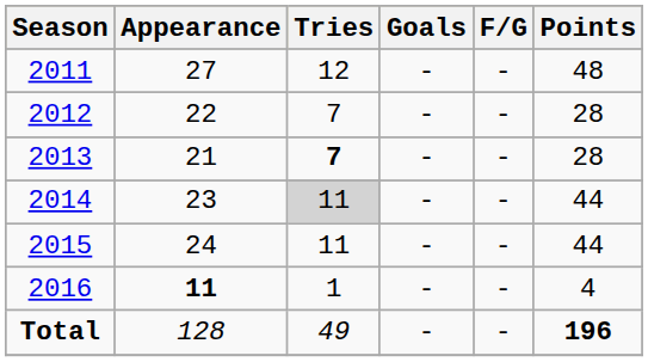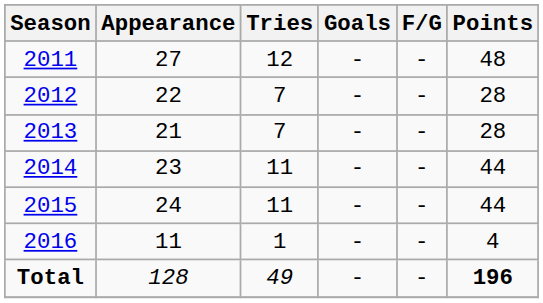 <table class="wikitable" style="text-align:center;">
 <tr bgcolor=#bdb76b>
 <th>Season</th>
 <th>Appearance</th>
 <th>Tries</th>
 <th>Goals</th>
 <th>F/G</th>
 <th>Points</th>
 </tr>
 <tr>
 <td><a href='#'>2011</a></td>
 <td>27</td>
 <td>12</td>
 <td>-</td>
 <td>-</td>
 <td>48</td>
 </tr>
 <tr>
 <td><a href='#'>2012</a></td>
 <td>22</td>
 <td>7</td>
 <td>-</td>
 <td>-</td>
 <td>28</td>
 </tr>
 <tr>
 <td><a href='#'>2013</a></td>
 <td>21</td>
-<td><strong>7</strong></td>
+<td>7</td>
 <td>-</td>
 <td>-</td>
 <td>28</td>
 </tr>
 <tr>
 <td><a href='#'>2014</a></td>
 <td>23</td>
-<td style="background: lightgrey;">11</td>
+<td>11</td>
 <td>-</td>
 <td>-</td>
 <td>44</td>
 </tr>
 <tr>
 <td><a href='#'>2015</a></td>
 <td>24</td>
 <td>11</td>
 <td>-</td>
 <td>-</td>
 <td>44</td>
 </tr>
 <tr>
 <td><a href='#'>2016</a></td>
-<td><strong>11</strong></td>
+<td>11</td>
 <td>1</td>
 <td>-</td>
 <td>-</td>
 <td>4</td>
 </tr>
 <tr>
 <td><strong>Total</strong></td>
 <td><em>128</em></td>
 <td><em>49</em></td>
 <td>-</td>
 <td>-</td>
 <td><strong>196</strong></td>
 </tr>
 <tr>
 </tr>
 </table>
